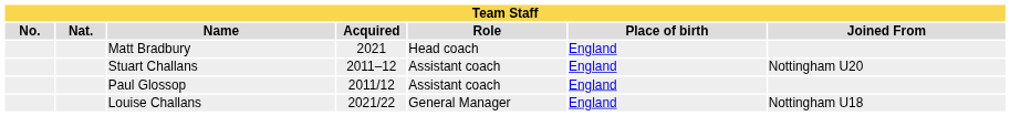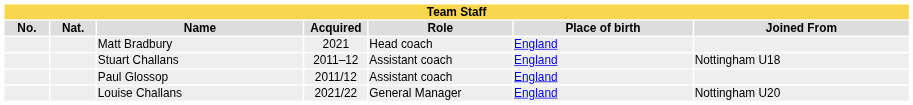 <table class="toccolours"  style="width:97%; clear:both; margin:1.5em auto; text-align:center;">
 <tr>
 <th colspan="11" style="background:#f8d74e; color:#000000;”">Team Staff</th>
 </tr>
 <tr style="background:#ddd;">
 <th width=5%>No.</th>
 <th width=5%>Nat.</th>
 <th !width=22%>Name</th>
 <th width=7%>Acquired</th>
 <th width=16%>Role</th>
 <th width=20%>Place of birth</th>
 <th width=24%>Joined From</th>
 </tr>
 <tr style="background:#eee;">
 <td></td>
 <td></td>
 <td align=left>Matt Bradbury</td>
 <td>2021</td>
 <td align=left>Head coach</td>
 <td align=left><a href='#'>England</a></td>
 <td align=left></td>
 </tr>
 <tr style="background:#eee;">
 <td></td>
 <td></td>
 <td align=left>Stuart Challans</td>
 <td>2011–12</td>
 <td align=left>Assistant coach</td>
 <td align=left><a href='#'>England</a></td>
-<td align=left>Nottingham U20</td>
+<td align=left>Nottingham U18</td>
 </tr>
 <tr style="background:#eee;">
 <td></td>
 <td></td>
 <td align=left>Paul Glossop</td>
 <td>2011/12</td>
 <td align=left>Assistant coach</td>
 <td align=left><a href='#'>England</a></td>
 <td align=left></td>
 </tr>
 <tr style="background:#eee;">
 <td></td>
 <td></td>
 <td align=left>Louise Challans</td>
 <td>2021/22</td>
 <td align=left>General Manager</td>
 <td align=left><a href='#'>England</a></td>
-<td align=left>Nottingham U18</td>
+<td align=left>Nottingham U20</td>
 </tr>
 </table>
